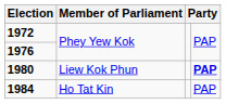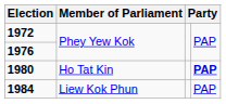 <table class="wikitable">
 <tr>
 <th>Election</th>
 <th>Member of Parliament</th>
 <th colspan="2">Party</th>
 </tr>
 <tr>
 <td><strong>1972</strong></td>
 <td rowspan="2"><a href='#'>Phey Yew Kok</a></td>
 <td rowspan="2"></td>
 <td rowspan="2"><a href='#'>PAP</a></td>
 </tr>
 <tr>
 <td><strong>1976</strong></td>
 </tr>
 <tr>
 <td><strong>1980</strong></td>
-<td><a href='#'>Liew Kok Phun</a></td>
+<td><a href='#'>Ho Tat Kin</a></td>
 <td></td>
 <td><strong><a href='#'>PAP</a></strong></td>
 </tr>
 <tr>
 <td><strong>1984</strong></td>
-<td><a href='#'>Ho Tat Kin</a></td>
+<td><a href='#'>Liew Kok Phun</a></td>
 <td></td>
 <td><a href='#'>PAP</a></td>
 </tr>
 </table>
